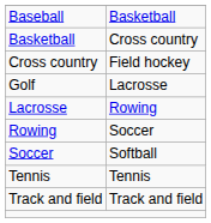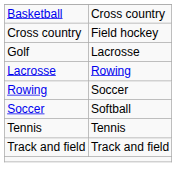 <table class="wikitable" style=" ">
 <tr>
-</tr>
-<tr>
-<td><a href='#'>Baseball</a></td>
-<td><a href='#'>Basketball</a></td>
 </tr>
 <tr>
 <td><a href='#'>Basketball</a></td>
 <td>Cross country</td>
 </tr>
 <tr>
 <td>Cross country</td>
 <td>Field hockey</td>
 </tr>
 <tr>
 <td>Golf</td>
 <td>Lacrosse</td>
 </tr>
 <tr>
 <td><a href='#'>Lacrosse</a></td>
 <td><a href='#'>Rowing</a></td>
 </tr>
 <tr>
 <td><a href='#'>Rowing</a></td>
 <td>Soccer</td>
 </tr>
 <tr>
 <td><a href='#'>Soccer</a></td>
 <td>Softball</td>
 </tr>
 <tr>
 <td>Tennis</td>
 <td>Tennis</td>
 </tr>
 <tr>
 <td>Track and field</td>
 <td>Track and field</td>
 </tr>
 <tr>
 <td colspan="2"></td>
 </tr>
 </table>
